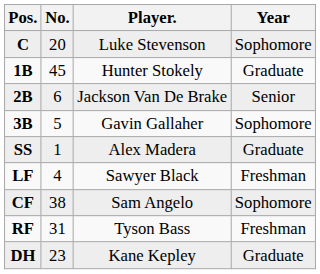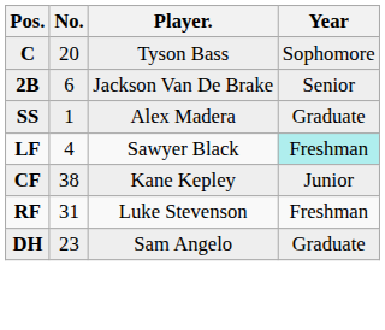 <table class="wikitable non-sortable">
 <tr>
 <th style="text-align:center; ">Pos.</th>
 <th style="text-align:center; ">No.</th>
 <th style="text-align:center; ">Player.</th>
 <th style="text-align:center; ">Year</th>
 </tr>
 <tr style="background:#eeeeee;text-align:center;">
 <td><strong>C</strong></td>
 <td>20</td>
-<td>Luke Stevenson</td>
+<td>Tyson Bass</td>
 <td>Sophomore</td>
-</tr>
-<tr style="text-align:center;">
-<td><strong>1B</strong></td>
-<td>45</td>
-<td>Hunter Stokely</td>
-<td>Graduate</td>
 </tr>
 <tr style="background:#eeeeee;text-align:center;">
 <td><strong>2B</strong></td>
 <td>6</td>
 <td>Jackson Van De Brake</td>
 <td>Senior</td>
-</tr>
-<tr style="text-align:center;">
-<td><strong>3B</strong></td>
-<td>5</td>
-<td>Gavin Gallaher</td>
-<td>Sophomore</td>
 </tr>
 <tr style="background:#eeeeee;text-align:center;">
 <td><strong>SS</strong></td>
 <td>1</td>
 <td>Alex Madera</td>
 <td>Graduate</td>
 </tr>
 <tr style="text-align:center;">
 <td><strong>LF</strong></td>
 <td>4</td>
 <td>Sawyer Black</td>
-<td>Freshman</td>
+<td style="background: paleturquoise;">Freshman</td>
 </tr>
 <tr style="background:#eeeeee;text-align:center;">
 <td><strong>CF</strong></td>
 <td>38</td>
-<td>Sam Angelo</td>
-<td>Sophomore</td>
+<td>Kane Kepley</td>
+<td>Junior</td>
 </tr>
 <tr style="text-align:center;">
 <td><strong>RF</strong></td>
 <td>31</td>
-<td>Tyson Bass</td>
+<td>Luke Stevenson</td>
 <td>Freshman</td>
 </tr>
 <tr style="background:#eeeeee;text-align:center;">
 <td><strong>DH</strong></td>
 <td>23</td>
-<td>Kane Kepley</td>
+<td>Sam Angelo</td>
 <td>Graduate</td>
 </tr>
 </table>
